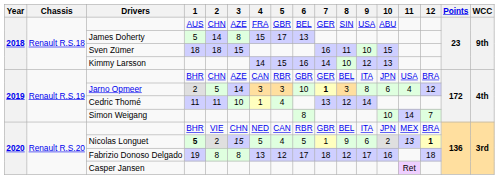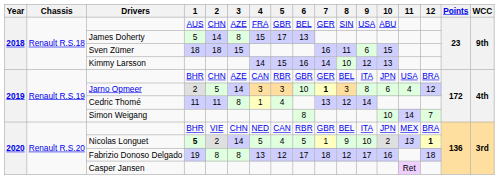 <table class="wikitable" style="text-align:center; font-size:85%">
 <tr>
 <th>Year</th>
 <th>Chassis</th>
 <th>Drivers</th>
 <th>1</th>
 <th>2</th>
 <th>3</th>
 <th>4</th>
 <th>5</th>
 <th>6</th>
 <th>7</th>
 <th>8</th>
 <th>9</th>
 <th>10</th>
 <th>11</th>
 <th>12</th>
 <th><a href='#'>Points</a></th>
 <th>WCC</th>
 </tr>
 <tr>
 <th rowspan="4"><a href='#'>2018</a></th>
 <td rowspan="4"><a href='#'>Renault R.S.18</a></td>
 <td></td>
 <td><a href='#'>AUS</a></td>
 <td><a href='#'>CHN</a></td>
 <td><a href='#'>AZE</a></td>
 <td><a href='#'>FRA</a></td>
 <td><a href='#'>GBR</a></td>
 <td><a href='#'>BEL</a></td>
 <td><a href='#'>GER</a></td>
 <td><a href='#'>SIN</a></td>
 <td><a href='#'>USA</a></td>
 <td><a href='#'>ABU</a></td>
 <td></td>
 <td></td>
 <th rowspan="4" style="background: #;">23</th>
 <th rowspan="4" style="background: #;">9th</th>
 </tr>
 <tr>
 <td align="left"> James Doherty</td>
 <td style="background: #DFFFDF">5</td>
 <td style="background: #CFCFFF">14</td>
 <td style="background: #DFFFDF">8</td>
 <td style="background: #CFCFFF">15</td>
 <td style="background: #CFCFFF">17</td>
 <td style="background: #CFCFFF">13</td>
 <td style="background: #"></td>
 <td style="background: #"></td>
 <td style="background: #"></td>
 <td style="background: #"></td>
 <td></td>
 <td></td>
 </tr>
 <tr>
 <td align="left"> Sven Zümer</td>
 <td style="background: #CFCFFF">18</td>
 <td style="background: #CFCFFF">18</td>
 <td style="background: #CFCFFF">15</td>
 <td style="background: #"></td>
 <td style="background: #"></td>
 <td style="background: #"></td>
 <td style="background: #CFCFFF">16</td>
 <td style="background: #CFCFFF">11</td>
-<td style="background: #DFFFDF">10</td>
+<td style="background: #DFFFDF">6</td>
 <td style="background: #CFCFFF">15</td>
 <td></td>
 <td></td>
 </tr>
 <tr>
 <td align="left"> Kimmy Larsson</td>
 <td style="background: #"></td>
 <td style="background: #"></td>
 <td style="background: #"></td>
 <td style="background: #CFCFFF">14</td>
 <td style="background: #CFCFFF">15</td>
 <td style="background: #CFCFFF">16</td>
 <td style="background: #CFCFFF">14</td>
 <td style="background: #DFFFDF">10</td>
 <td style="background: #CFCFFF">12</td>
 <td style="background: #CFCFFF">13</td>
 <td></td>
 <td></td>
 </tr>
 <tr>
 <th rowspan="4"><a href='#'>2019</a></th>
 <td rowspan="4"><a href='#'>Renault R.S.19</a></td>
 <td></td>
 <td><a href='#'>BHR</a></td>
 <td><a href='#'>CHN</a></td>
 <td><a href='#'>AZE</a></td>
 <td><a href='#'>CAN</a></td>
 <td><a href='#'>RBR</a></td>
 <td><a href='#'>GBR</a></td>
 <td><a href='#'>GER</a></td>
 <td><a href='#'>BEL</a></td>
 <td><a href='#'>ITA</a></td>
 <td><a href='#'>JPN</a></td>
 <td><a href='#'>USA</a></td>
 <td><a href='#'>BRA</a></td>
 <th rowspan="4" style="background: #;">172</th>
 <th rowspan="4" style="background: #;">4th</th>
 </tr>
 <tr>
 <td align="left"> <a href='#'>Jarno Opmeer</a></td>
 <td style="background: #DFDFDF">2</td>
 <td style="background: #DFFFDF">5</td>
 <td style="background: #CFCFFF">14</td>
 <td style="background: #FFDF9F">3</td>
 <td style="background: #FFDF9F">3</td>
 <td style="background: #DFFFDF">10</td>
 <td style="background: #FFFFBF"><strong>1</strong></td>
 <td style="background: #FFDF9F">3</td>
 <td style="background: #DFFFDF">8</td>
 <td style="background: #DFFFDF">6</td>
 <td style="background: #DFFFDF">4</td>
 <td style="background: #CFCFFF">12</td>
 </tr>
 <tr>
 <td align="left"> Cedric Thomé</td>
 <td style="background: #CFCFFF">11</td>
 <td style="background: #CFCFFF">11</td>
-<td style="background: #DFFFDF">10</td>
+<td style="background: #DFFFDF">8</td>
 <td style="background: #FFFFBF">1</td>
 <td style="background: #DFFFDF">4</td>
 <td style="background: #"></td>
 <td style="background: #CFCFFF">13</td>
 <td style="background: #CFCFFF">12</td>
 <td style="background: #CFCFFF">14</td>
 <td style="background: #"></td>
 <td style="background: #"></td>
 <td style="background: #"></td>
 </tr>
 <tr>
 <td align="left"> Simon Weigang</td>
 <td style="background: #"></td>
 <td style="background: #"></td>
 <td style="background: #"></td>
 <td style="background: #"></td>
 <td style="background: #"></td>
 <td style="background: #DFFFDF">8</td>
 <td style="background: #"></td>
 <td style="background: #"></td>
 <td style="background: #"></td>
 <td style="background: #DFFFDF">10</td>
 <td style="background: #CFCFFF">14</td>
 <td style="background: #DFFFDF">7</td>
 </tr>
 <tr>
 <th rowspan="4"><a href='#'>2020</a></th>
 <td rowspan="4"><a href='#'>Renault R.S.20</a></td>
 <td></td>
 <td><a href='#'>BHR</a></td>
 <td><a href='#'>VIE</a></td>
 <td><a href='#'>CHN</a></td>
 <td><a href='#'>NED</a></td>
 <td><a href='#'>CAN</a></td>
 <td><a href='#'>RBR</a></td>
 <td><a href='#'>GBR</a></td>
 <td><a href='#'>BEL</a></td>
 <td><a href='#'>ITA</a></td>
 <td><a href='#'>JPN</a></td>
 <td><a href='#'>MEX</a></td>
 <td><a href='#'>BRA</a></td>
 <th rowspan="4" style="background: #FFDF9F">136</th>
 <th rowspan="4" style="background: #FFDF9F">3rd</th>
 </tr>
 <tr>
 <td align="left"> Nicolas Longuet</td>
 <td style="background: #DFFFDF"><strong>5</strong></td>
 <td style="background: #DFDFDF">2</td>
-<td style="background: #CFCFFF"><em>15</em></td>
+<td style="background: #CFCFFF">14</td>
 <td style="background: #DFFFDF">5</td>
 <td style="background: #DFFFDF">4</td>
 <td style="background: #DFFFDF">5</td>
 <td style="background: #FFFFBF">1</td>
 <td style="background: #DFFFDF">9</td>
-<td style="background: #DFFFDF">6</td>
+<td style="background: #DFFFDF">10</td>
 <td style="background: #DFDFDF">2</td>
 <td style="background: #CFCFFF"><em>13</em></td>
 <td style="background: #FFFFBF"><strong>1</strong></td>
 </tr>
 <tr>
 <td align="left"> Fabrizio Donoso Delgado</td>
 <td style="background: #CFCFFF">19</td>
 <td style="background: #DFFFDF">8</td>
 <td style="background: #DFFFDF">8</td>
 <td style="background: #CFCFFF">13</td>
 <td style="background: #CFCFFF">12</td>
 <td style="background: #CFCFFF">17</td>
 <td style="background: #CFCFFF">18</td>
 <td style="background: #CFCFFF">12</td>
 <td style="background: #CFCFFF">17</td>
 <td style="background: #CFCFFF">16</td>
 <td style="background: #"></td>
 <td style="background: #CFCFFF">18</td>
 </tr>
 <tr>
 <td align="left"> Casper Jansen</td>
 <td style="background: #"></td>
 <td style="background: #"></td>
 <td style="background: #"></td>
 <td style="background: #"></td>
 <td style="background: #"></td>
 <td style="background: #"></td>
 <td style="background: #"></td>
 <td style="background: #"></td>
 <td style="background: #"></td>
 <td style="background: #"></td>
 <td style="background: #EFCFFF">Ret</td>
 <td style="background: #"></td>
 </tr>
 </table>
